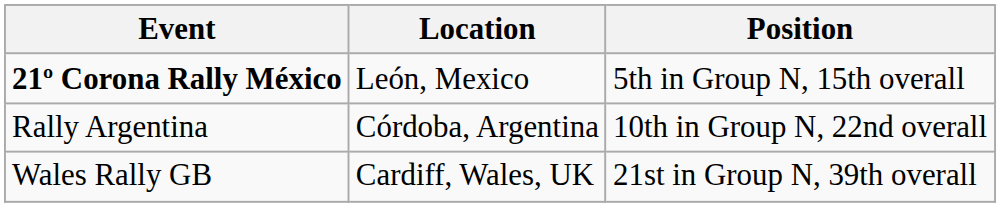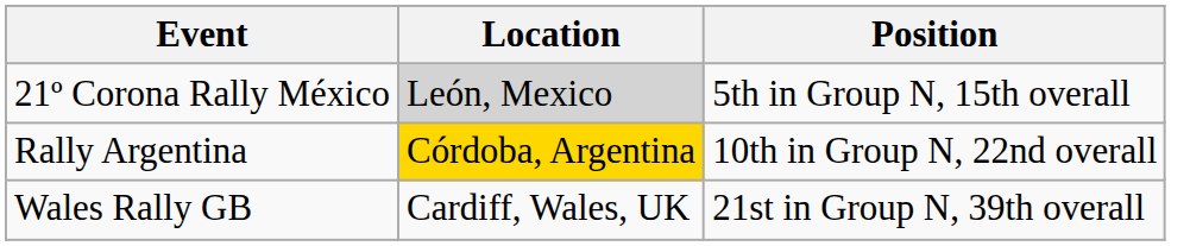 <table class="wikitable">
 <tr>
 <th>Event</th>
 <th>Location</th>
 <th>Position</th>
 </tr>
 <tr>
-<td><strong>21º Corona Rally México</strong></td>
-<td>León, Mexico</td>
+<td>21º Corona Rally México</td>
+<td style="background: lightgrey;">León, Mexico</td>
 <td>5th in Group N, 15th overall</td>
 </tr>
 <tr>
 <td>Rally Argentina</td>
-<td>Córdoba, Argentina</td>
+<td style="background: gold;">Córdoba, Argentina</td>
 <td>10th in Group N, 22nd overall</td>
 </tr>
 <tr>
 <td>Wales Rally GB</td>
 <td>Cardiff, Wales, UK</td>
 <td>21st in Group N, 39th overall</td>
 </tr>
 </table>
